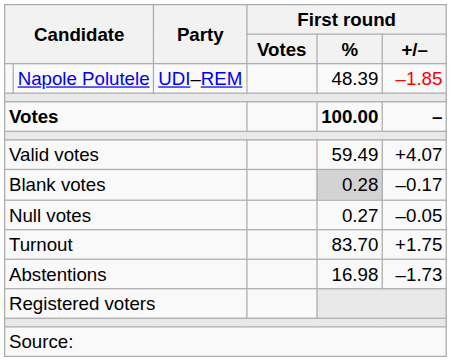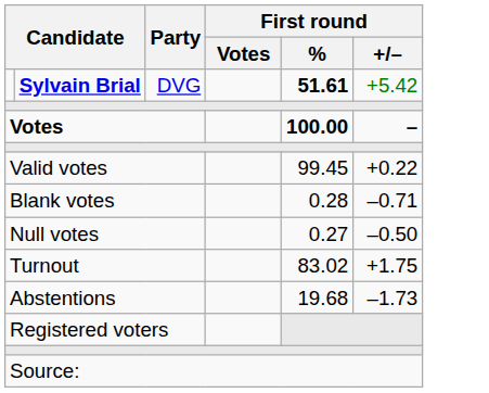 <table class="wikitable" style="text-align:right;font-size:95%;">
 <tr>
 <th rowspan="2" colspan="2">Candidate</th>
 <th rowspan="2">Party</th>
 <th colspan="3">First round</th>
 </tr>
 <tr>
 <th style="width:50px;">Votes</th>
 <th style="width:45px;">%</th>
 <th style="width:45px;">+/–</th>
 </tr>
 <tr>
 <td style="background:"></td>
-<td style="text-align:left;"><a href='#'>Napole Polutele</a></td>
-<td><a href='#'>UDI</a>–<a href='#'>REM</a></td>
-<td></td>
-<td>48.39</td>
-<td style="color:red;">–1.85</td>
+<td style="text-align:left;"><strong><a href='#'>Sylvain Brial</a></strong></td>
+<td><a href='#'>DVG</a></td>
+<td><strong></strong></td>
+<td><strong>51.61</strong></td>
+<td style="color:green;">+5.42</td>
 </tr>
 <tr>
 <td colspan="6" style="background:#E9E9E9;"></td>
 </tr>
 <tr style="font-weight:bold;">
 <td colspan="3" style="text-align:left;">Votes</td>
 <td></td>
 <td>100.00</td>
 <td>–</td>
 </tr>
 <tr>
 <td colspan="6" style="background:#E9E9E9;"></td>
 </tr>
 <tr>
 <td colspan="3" style="text-align:left;">Valid votes</td>
 <td></td>
-<td>59.49</td>
-<td>+4.07</td>
+<td>99.45</td>
+<td>+0.22</td>
 </tr>
 <tr>
 <td colspan="3" style="text-align:left;">Blank votes</td>
 <td></td>
-<td style="background: lightgrey;">0.28</td>
-<td>–0.17</td>
+<td>0.28</td>
+<td>–0.71</td>
 </tr>
 <tr>
 <td colspan="3" style="text-align:left;">Null votes</td>
 <td></td>
 <td>0.27</td>
-<td>–0.05</td>
+<td>–0.50</td>
 </tr>
 <tr>
 <td colspan="3" style="text-align:left;">Turnout</td>
 <td></td>
-<td>83.70</td>
+<td>83.02</td>
 <td>+1.75</td>
 </tr>
 <tr>
 <td colspan="3" style="text-align:left;">Abstentions</td>
 <td></td>
-<td>16.98</td>
+<td>19.68</td>
 <td>–1.73</td>
 </tr>
 <tr>
 <td colspan="3" style="text-align:left;">Registered voters</td>
 <td></td>
 <td colspan="2" style="background:#E9E9E9;"></td>
 </tr>
 <tr>
 <td colspan="6" style="background:#E9E9E9;"></td>
 </tr>
 <tr>
 <td colspan="6" style="text-align:left;">Source: </td>
 </tr>
 </table>
